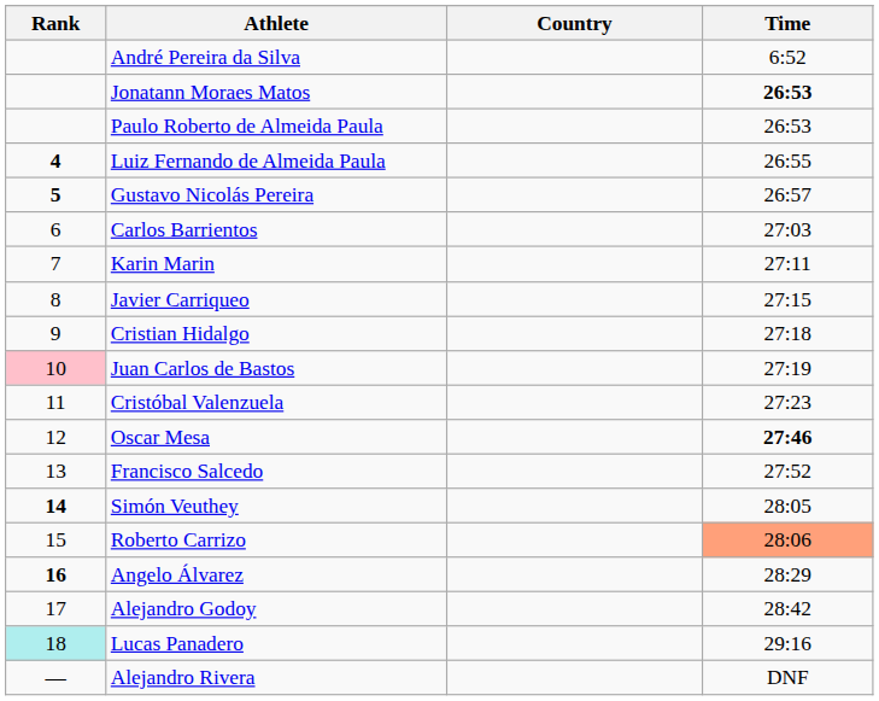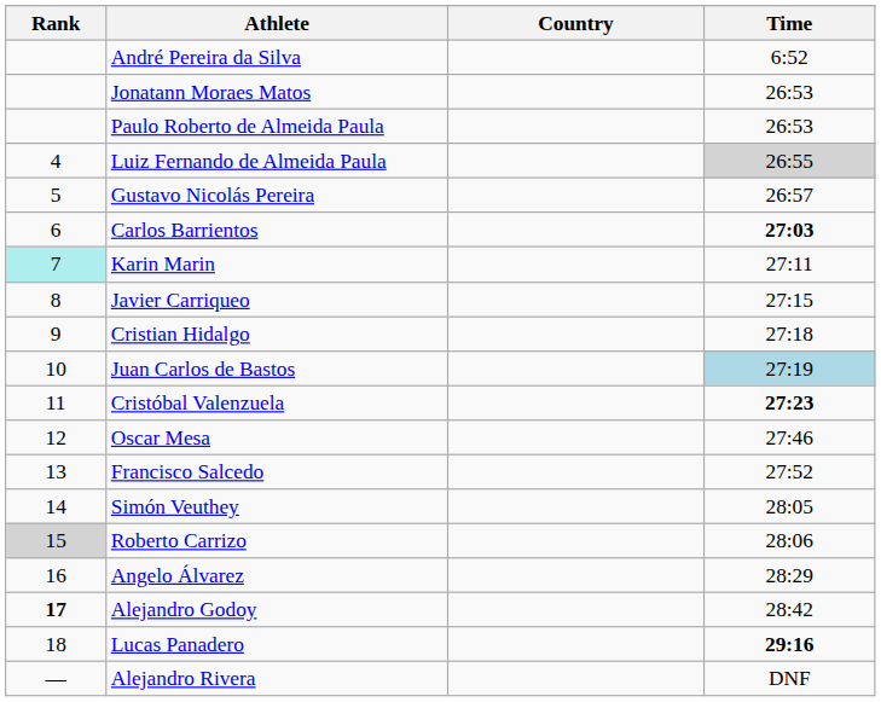 <table class="wikitable sortable" style=" text-align:center; font-size:95%;" width="50%">
 <tr>
 </tr>
 <tr>
 <th width=5%>Rank</th>
 <th width=20%>Athlete</th>
 <th width=15%>Country</th>
 <th width=10%>Time</th>
 </tr>
 <tr>
 <td align=center></td>
 <td align=left><a href='#'>André Pereira da Silva</a></td>
 <td align=left></td>
 <td>6:52</td>
 </tr>
 <tr>
 <td align=center></td>
 <td align=left><a href='#'>Jonatann Moraes Matos</a></td>
 <td align=left></td>
-<td><strong>26:53</strong></td>
+<td>26:53</td>
 </tr>
 <tr>
 <td align=center></td>
 <td align=left><a href='#'>Paulo Roberto de Almeida Paula</a></td>
 <td align=left></td>
 <td>26:53</td>
 </tr>
 <tr>
-<td align=center><strong>4</strong></td>
+<td align=center>4</td>
 <td align=left><a href='#'>Luiz Fernando de Almeida Paula</a></td>
 <td align=left></td>
-<td>26:55</td>
+<td style="background: lightgrey;">26:55</td>
 </tr>
 <tr>
-<td align=center><strong>5</strong></td>
+<td align=center>5</td>
 <td align=left><a href='#'>Gustavo Nicolás Pereira</a></td>
 <td align=left></td>
 <td>26:57</td>
 </tr>
 <tr>
 <td align=center>6</td>
 <td align=left><a href='#'>Carlos Barrientos</a></td>
 <td align=left></td>
-<td>27:03</td>
+<td><strong>27:03</strong></td>
 </tr>
 <tr>
-<td align=center>7</td>
+<td align=center style="background: paleturquoise;">7</td>
 <td align=left><a href='#'>Karin Marin</a></td>
 <td align=left></td>
 <td>27:11</td>
 </tr>
 <tr>
 <td align=center>8</td>
 <td align=left><a href='#'>Javier Carriqueo</a></td>
 <td align=left></td>
 <td>27:15</td>
 </tr>
 <tr>
 <td align=center>9</td>
 <td align=left><a href='#'>Cristian Hidalgo</a></td>
 <td align=left></td>
 <td>27:18</td>
 </tr>
 <tr>
-<td align=center style="background: pink;">10</td>
+<td align=center>10</td>
 <td align=left><a href='#'>Juan Carlos de Bastos</a></td>
 <td align=left></td>
-<td>27:19</td>
+<td style="background: lightblue;">27:19</td>
 </tr>
 <tr>
 <td align=center>11</td>
 <td align=left><a href='#'>Cristóbal Valenzuela</a></td>
 <td align=left></td>
-<td>27:23</td>
+<td><strong>27:23</strong></td>
 </tr>
 <tr>
 <td align=center>12</td>
 <td align=left><a href='#'>Oscar Mesa</a></td>
 <td align=left></td>
-<td><strong>27:46</strong></td>
+<td>27:46</td>
 </tr>
 <tr>
 <td align=center>13</td>
 <td align=left><a href='#'>Francisco Salcedo</a></td>
 <td align=left></td>
 <td>27:52</td>
 </tr>
 <tr>
-<td align=center><strong>14</strong></td>
+<td align=center>14</td>
 <td align=left><a href='#'>Simón Veuthey</a></td>
 <td align=left></td>
 <td>28:05</td>
 </tr>
 <tr>
-<td align=center>15</td>
+<td align=center style="background: lightgrey;">15</td>
 <td align=left><a href='#'>Roberto Carrizo</a></td>
 <td align=left></td>
-<td style="background: lightsalmon;">28:06</td>
+<td>28:06</td>
 </tr>
 <tr>
-<td align=center><strong>16</strong></td>
+<td align=center>16</td>
 <td align=left><a href='#'>Angelo Álvarez</a></td>
 <td align=left></td>
 <td>28:29</td>
 </tr>
 <tr>
-<td align=center>17</td>
+<td align=center><strong>17</strong></td>
 <td align=left><a href='#'>Alejandro Godoy</a></td>
 <td align=left></td>
 <td>28:42</td>
 </tr>
 <tr>
-<td align=center style="background: paleturquoise;">18</td>
+<td align=center>18</td>
 <td align=left><a href='#'>Lucas Panadero</a></td>
 <td align=left></td>
-<td>29:16</td>
+<td><strong>29:16</strong></td>
 </tr>
 <tr>
 <td align=center>—</td>
 <td align=left><a href='#'>Alejandro Rivera</a></td>
 <td align=left></td>
 <td>DNF</td>
 </tr>
 </table>
